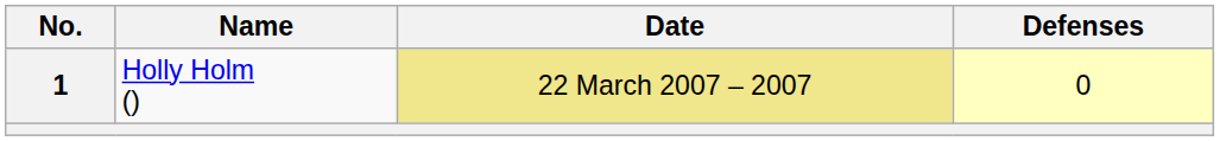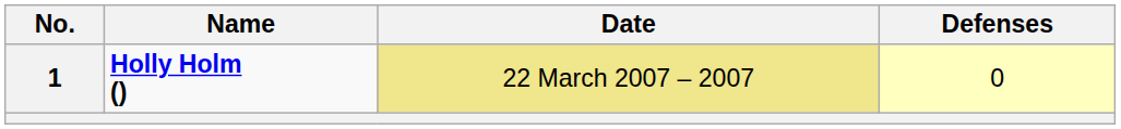 <table class="wikitable sortable" style="width:80%;">
 <tr>
 <th>No.</th>
 <th>Name</th>
 <th>Date</th>
 <th>Defenses</th>
 </tr>
 <tr>
 <th>1</th>
-<td align="left"><a href='#'>Holly Holm</a><br>()</td>
+<td align="left"><strong><a href='#'>Holly Holm</a><br>()</strong></td>
 <td align="center" style="background: khaki;">22 March 2007 – 2007</td>
 <td style="background:#ffffbf;" align="center">0</td>
 </tr>
 <tr>
 <th colspan=4></th>
 </tr>
 </table>
